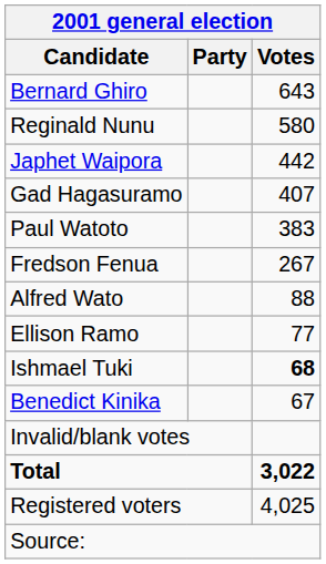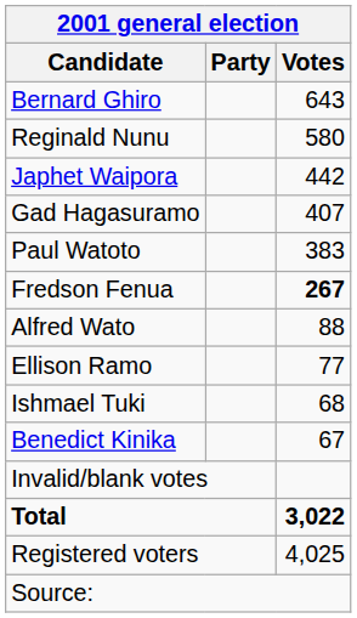 <table class=wikitable style=text-align:left>
 <tr>
 <th colspan=3><a href='#'>2001 general election</a></th>
 </tr>
 <tr>
 <th>Candidate</th>
 <th>Party</th>
 <th>Votes</th>
 </tr>
 <tr>
 <td><a href='#'>Bernard Ghiro</a></td>
 <td></td>
 <td align=right>643</td>
 </tr>
 <tr>
 <td>Reginald Nunu</td>
 <td></td>
 <td align=right>580</td>
 </tr>
 <tr>
 <td><a href='#'>Japhet Waipora</a></td>
 <td></td>
 <td align=right>442</td>
 </tr>
 <tr>
 <td>Gad Hagasuramo</td>
 <td></td>
 <td align=right>407</td>
 </tr>
 <tr>
 <td>Paul Watoto</td>
 <td></td>
 <td align=right>383</td>
 </tr>
 <tr>
 <td>Fredson Fenua</td>
 <td></td>
-<td align=right>267</td>
+<td align=right><strong>267</strong></td>
 </tr>
 <tr>
 <td>Alfred Wato</td>
 <td></td>
 <td align=right>88</td>
 </tr>
 <tr>
 <td>Ellison Ramo</td>
 <td></td>
 <td align=right>77</td>
 </tr>
 <tr>
 <td>Ishmael Tuki</td>
 <td></td>
-<td align=right><strong>68</strong></td>
+<td align=right>68</td>
 </tr>
 <tr>
 <td><a href='#'>Benedict Kinika</a></td>
 <td></td>
 <td align=right>67</td>
 </tr>
 <tr>
 <td colspan=2>Invalid/blank votes</td>
 <td></td>
 </tr>
 <tr>
 <td colspan=2><strong>Total</strong></td>
 <td align=right><strong>3,022</strong></td>
 </tr>
 <tr>
 <td colspan=2>Registered voters</td>
 <td align=right>4,025</td>
 </tr>
 <tr>
 <td colspan=3>Source: </td>
 </tr>
 </table>
